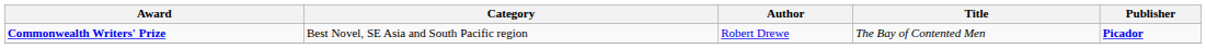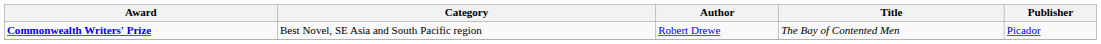 <table class="wikitable" width=100%>
 <tr>
 <th>Award</th>
 <th>Category</th>
 <th>Author</th>
 <th>Title</th>
 <th>Publisher</th>
 </tr>
 <tr>
 <td><strong><a href='#'>Commonwealth Writers' Prize</a></strong></td>
 <td>Best Novel, SE Asia and South Pacific region</td>
 <td><a href='#'>Robert Drewe</a></td>
 <td><em>The Bay of Contented Men</em></td>
-<td><strong><a href='#'>Picador</a></strong></td>
+<td><a href='#'>Picador</a></td>
 </tr>
 <tr>
 </tr>
 </table>
